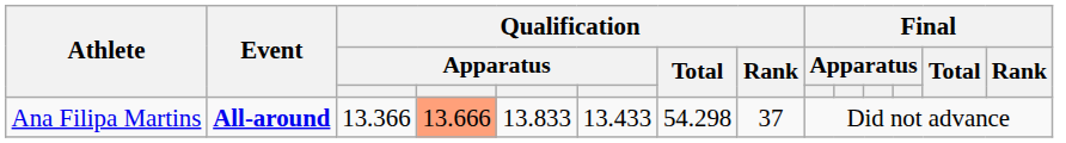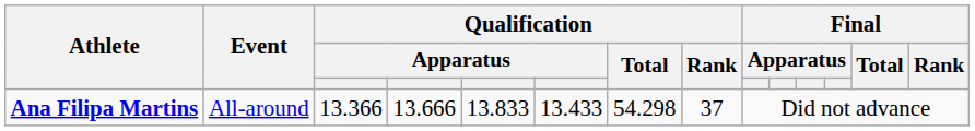 <table class="wikitable" style="font-size:90%">
 <tr>
 <th rowspan=3>Athlete</th>
 <th rowspan=3>Event</th>
 <th colspan=6>Qualification</th>
 <th colspan=6>Final</th>
 </tr>
 <tr style="font-size:95%">
 <th colspan=4>Apparatus</th>
 <th rowspan=2>Total</th>
 <th rowspan=2>Rank</th>
 <th colspan=4>Apparatus</th>
 <th rowspan=2>Total</th>
 <th rowspan=2>Rank</th>
 </tr>
 <tr style="font-size:95%">
 <th></th>
 <th></th>
 <th></th>
 <th></th>
 <th></th>
 <th></th>
 <th></th>
 <th></th>
 </tr>
 <tr align=center>
-<td align=left><a href='#'>Ana Filipa Martins</a></td>
-<td align=left><strong><a href='#'>All-around</a></strong></td>
+<td align=left><strong><a href='#'>Ana Filipa Martins</a></strong></td>
+<td align=left><a href='#'>All-around</a></td>
 <td>13.366</td>
-<td style="background: lightsalmon;">13.666</td>
+<td>13.666</td>
 <td>13.833</td>
 <td>13.433</td>
 <td>54.298</td>
 <td>37</td>
 <td colspan=6>Did not advance</td>
 </tr>
 </table>
